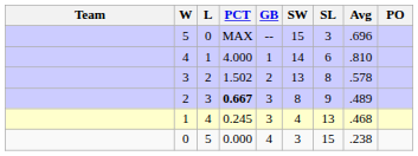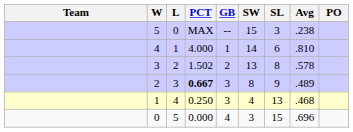 <table class=wikitable style="text-align:center;">
 <tr>
 <th width=200px>Team</th>
 <th width=20px>W</th>
 <th width=20px>L</th>
 <th width=35px><a href='#'>PCT</a></th>
 <th width=25px><a href='#'>GB</a></th>
 <th width=30px>SW</th>
 <th width=30px>SL</th>
 <th width=35px>Avg</th>
 <th width=35px>PO</th>
 </tr>
 <tr bgcolor="#CCCCFF">
 <td align=left></td>
 <td>5</td>
 <td>0</td>
 <td>MAX</td>
 <td>--</td>
 <td>15</td>
 <td>3</td>
-<td>.696</td>
+<td>.238</td>
 <td></td>
 </tr>
 <tr bgcolor="#CCCCFF">
 <td align=left></td>
 <td>4</td>
 <td>1</td>
 <td>4.000</td>
 <td>1</td>
 <td>14</td>
 <td>6</td>
 <td>.810</td>
 <td></td>
 </tr>
 <tr bgcolor="#CCCCFF">
 <td align=left></td>
 <td>3</td>
 <td>2</td>
 <td>1.502</td>
 <td>2</td>
 <td>13</td>
 <td>8</td>
 <td>.578</td>
 <td></td>
 </tr>
 <tr bgcolor="#CCCCFF">
 <td align=left></td>
 <td>2</td>
 <td>3</td>
 <td><strong>0.667</strong></td>
 <td>3</td>
 <td>8</td>
 <td>9</td>
 <td>.489</td>
 <td></td>
 </tr>
 <tr bgcolor="#FFFFCC">
 <td align=left></td>
 <td>1</td>
 <td>4</td>
-<td>0.245</td>
+<td>0.250</td>
 <td>3</td>
 <td>4</td>
 <td>13</td>
 <td>.468</td>
 <td></td>
 </tr>
 <tr bgcolor=>
 <td align=left></td>
 <td>0</td>
 <td>5</td>
 <td>0.000</td>
 <td>4</td>
 <td>3</td>
 <td>15</td>
-<td>.238</td>
+<td>.696</td>
 <td></td>
 </tr>
 </table>
